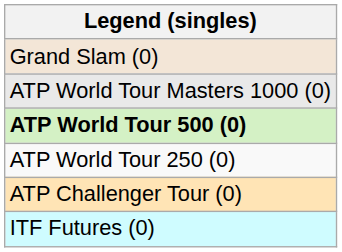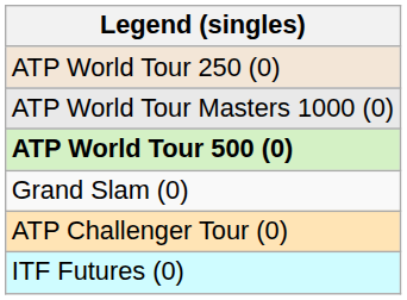 <table class="wikitable">
 <tr>
 <th>Legend (singles)</th>
 </tr>
 <tr style="background:#f3e6d7;">
-<td>Grand Slam (0)</td>
+<td>ATP World Tour 250 (0)</td>
 </tr>
 <tr style="background:#e9e9e9;">
 <td>ATP World Tour Masters 1000 (0)</td>
 </tr>
 <tr style="background:#d4f1c5;">
 <td><strong>ATP World Tour 500 (0)</strong></td>
 </tr>
 <tr>
-<td>ATP World Tour 250 (0)</td>
+<td>Grand Slam (0)</td>
 </tr>
 <tr bgcolor="moccasin">
 <td>ATP Challenger Tour (0)</td>
 </tr>
 <tr bgcolor="CFFCFF">
 <td>ITF Futures (0)</td>
 </tr>
 </table>
